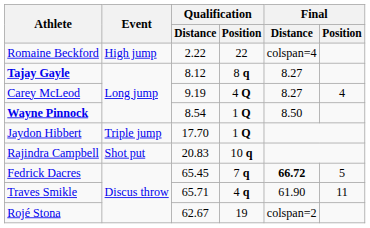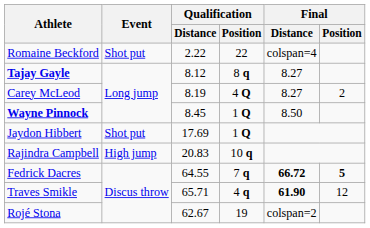 <table class=wikitable style=font-size:90%>
 <tr>
 <th rowspan=2>Athlete</th>
 <th rowspan=2>Event</th>
 <th colspan=2>Qualification</th>
 <th colspan=2>Final</th>
 </tr>
 <tr style=font-size:95%>
 <th>Distance</th>
 <th>Position</th>
 <th>Distance</th>
 <th>Position</th>
 </tr>
 <tr align=center>
 <td align=left><a href='#'>Romaine Beckford</a></td>
-<td align=left><a href='#'>High jump</a></td>
+<td align=left><a href='#'>Shot put</a></td>
 <td>2.22</td>
 <td>22</td>
 <td>colspan=4 </td>
 </tr>
 <tr align=center>
 <td align=left><strong><a href='#'>Tajay Gayle</a></strong></td>
 <td align=left rowspan=3><a href='#'>Long jump</a></td>
 <td>8.12</td>
 <td>8 <strong>q</strong></td>
 <td>8.27</td>
 <td></td>
 </tr>
 <tr align=center>
 <td align=left><a href='#'>Carey McLeod</a></td>
-<td>9.19</td>
+<td>8.19</td>
 <td>4 <strong>Q</strong></td>
 <td>8.27</td>
-<td>4</td>
+<td>2</td>
 </tr>
 <tr align=center>
 <td align=left><strong><a href='#'>Wayne Pinnock</a></strong></td>
-<td>8.54 </td>
+<td>8.45 </td>
 <td>1 <strong>Q</strong></td>
 <td>8.50</td>
 <td></td>
 </tr>
 <tr align=center>
 <td align=left><a href='#'>Jaydon Hibbert</a></td>
-<td align=left><a href='#'>Triple jump</a></td>
-<td>17.70</td>
+<td align=left><a href='#'>Shot put</a></td>
+<td>17.69</td>
 <td>1 <strong>Q</strong></td>
 <td colspan=2></td>
 </tr>
 <tr align=center>
 <td align=left><a href='#'>Rajindra Campbell</a></td>
-<td align=left><a href='#'>Shot put</a></td>
+<td align=left><a href='#'>High jump</a></td>
 <td>20.83</td>
 <td>10 <strong>q</strong></td>
 <td colspan=2></td>
 </tr>
 <tr align=center>
 <td align=left><a href='#'>Fedrick Dacres</a></td>
 <td align=left rowspan=3><a href='#'>Discus throw</a></td>
-<td>65.45</td>
+<td>64.55</td>
 <td>7 <strong>q</strong></td>
 <td><strong>66.72</strong></td>
-<td>5</td>
+<td><strong>5</strong></td>
 </tr>
 <tr align=center>
 <td align=left><a href='#'>Traves Smikle</a></td>
 <td>65.71</td>
 <td>4 <strong>q</strong></td>
-<td>61.90</td>
-<td>11</td>
+<td><strong>61.90</strong></td>
+<td>12</td>
 </tr>
 <tr align=center>
 <td align=left><a href='#'>Rojé Stona</a></td>
 <td>62.67</td>
 <td>19</td>
 <td>colspan=2 </td>
 </tr>
 </table>
